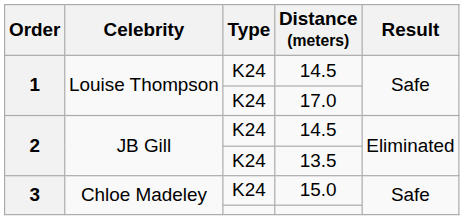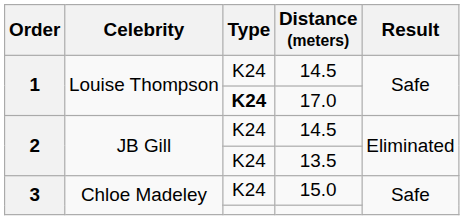 <table class="wikitable plainrowheaders" style="text-align:center;">
 <tr>
 <th>Order</th>
 <th>Celebrity</th>
 <th>Type</th>
 <th>Distance<br><small>(meters)</small></th>
 <th>Result</th>
 </tr>
 <tr>
 <th rowspan=2>1</th>
 <td rowspan=2>Louise Thompson</td>
 <td>K24</td>
 <td>14.5</td>
 <td rowspan=2>Safe</td>
 </tr>
 <tr>
-<td>K24</td>
+<td><strong>K24</strong></td>
 <td>17.0</td>
 </tr>
 <tr>
 <th rowspan=2>2</th>
 <td rowspan=2>JB Gill</td>
 <td>K24</td>
 <td>14.5</td>
 <td rowspan=2>Eliminated</td>
 </tr>
 <tr>
 <td>K24</td>
 <td>13.5</td>
 </tr>
 <tr>
 <th rowspan=2>3</th>
 <td rowspan=2>Chloe Madeley</td>
 <td>K24</td>
 <td>15.0</td>
 <td rowspan=2>Safe</td>
 </tr>
 <tr>
 <td></td>
 <td></td>
 </tr>
 </table>
